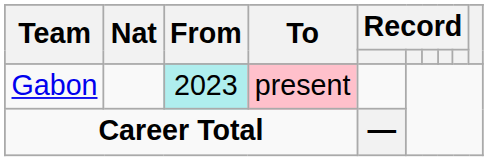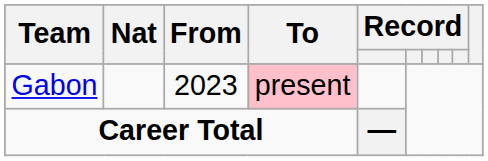 <table class="wikitable" style="text-align: center">
 <tr>
 <th rowspan="2">Team</th>
 <th rowspan="2">Nat</th>
 <th rowspan="2">From</th>
 <th rowspan="2">To</th>
 <th colspan="5">Record</th>
 <th rowspan=2></th>
 </tr>
 <tr>
 <th></th>
 <th></th>
 <th></th>
 <th></th>
 <th></th>
 </tr>
 <tr>
 <td align="left"><a href='#'>Gabon</a></td>
 <td align="center"></td>
-<td align="center" style="background: paleturquoise;">2023</td>
+<td align="center">2023</td>
 <td align="center" style="background: pink;">present<br></td>
 <td></td>
 </tr>
 <tr>
 <td colspan=4><strong>Career Total</strong><br></td>
 <th>—</th>
 </tr>
 </table>
